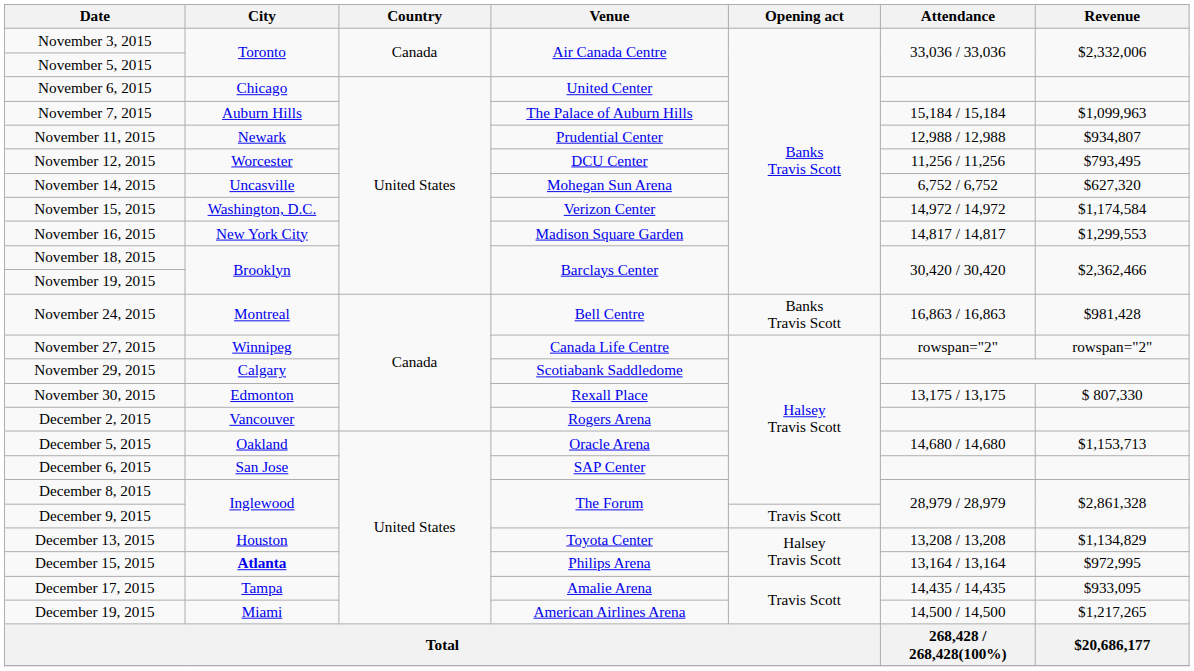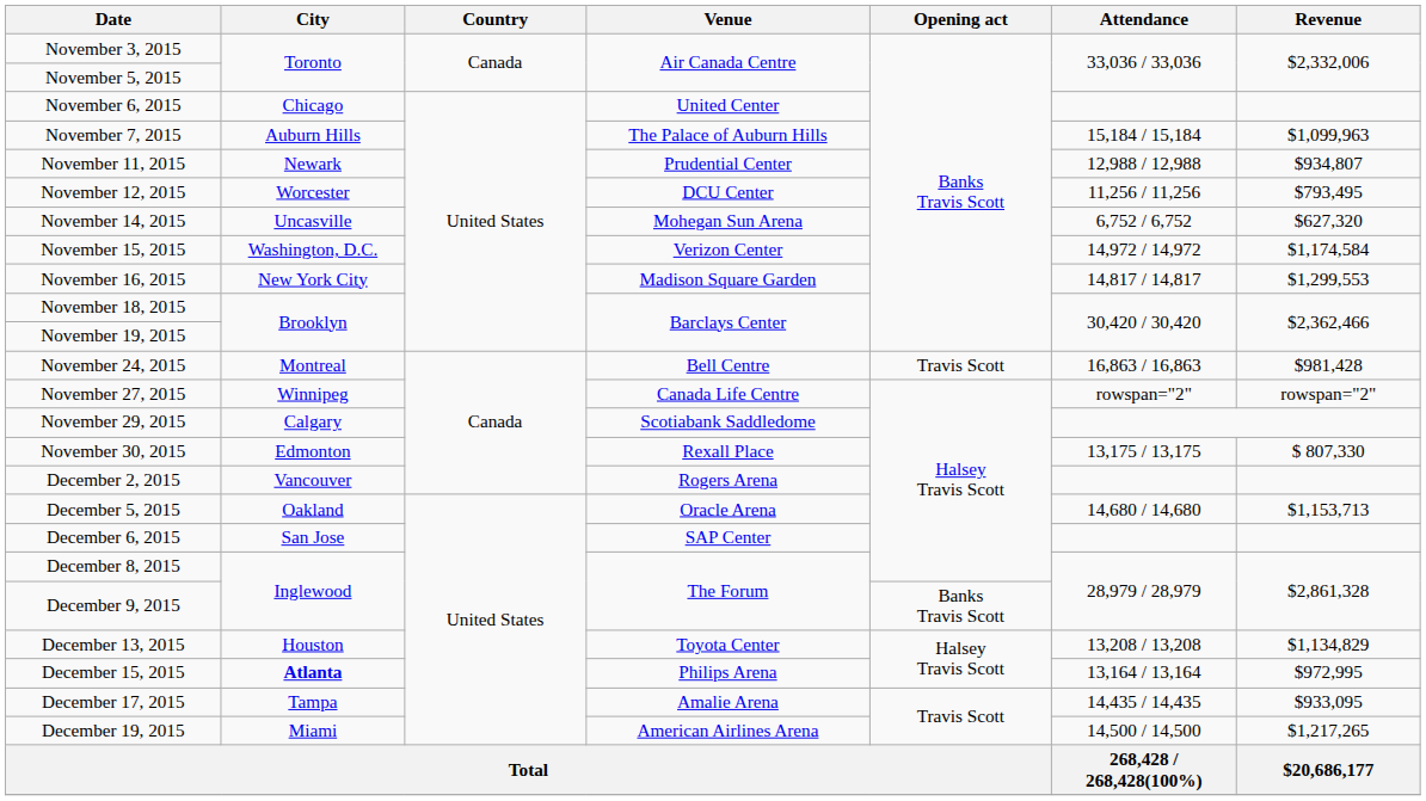 <table class="wikitable plainrowheaders" style="text-align:center;">
 <tr>
 <th scope="col" style="width:12em;">Date</th>
 <th scope="col" style="width:10em;">City</th>
 <th scope="col" style="width:10em;">Country</th>
 <th scope="col" style="width:16em;">Venue</th>
 <th scope="col" style="width:10em;">Opening act</th>
 <th scope="col" style="width:10em;">Attendance</th>
 <th scope="col" style="width:10em;">Revenue</th>
 </tr>
 <tr>
 <td>November 3, 2015</td>
 <td rowspan="2"><a href='#'>Toronto</a></td>
 <td rowspan="2">Canada</td>
 <td rowspan="2"><a href='#'>Air Canada Centre</a></td>
 <td rowspan="11"><a href='#'>Banks</a><br><a href='#'>Travis Scott</a></td>
 <td rowspan="2">33,036 / 33,036</td>
 <td rowspan="2">$2,332,006</td>
 </tr>
 <tr>
 <td>November 5, 2015</td>
 </tr>
 <tr>
 <td>November 6, 2015</td>
 <td><a href='#'>Chicago</a></td>
 <td rowspan="9">United States</td>
 <td><a href='#'>United Center</a></td>
 <td></td>
 <td></td>
 </tr>
 <tr>
 <td>November 7, 2015</td>
 <td><a href='#'>Auburn Hills</a></td>
 <td><a href='#'>The Palace of Auburn Hills</a></td>
 <td>15,184 / 15,184</td>
 <td>$1,099,963</td>
 </tr>
 <tr>
 <td>November 11, 2015</td>
 <td><a href='#'>Newark</a></td>
 <td><a href='#'>Prudential Center</a></td>
 <td>12,988 / 12,988</td>
 <td>$934,807</td>
 </tr>
 <tr>
 <td>November 12, 2015</td>
 <td><a href='#'>Worcester</a></td>
 <td><a href='#'>DCU Center</a></td>
 <td>11,256 / 11,256</td>
 <td>$793,495</td>
 </tr>
 <tr>
 <td>November 14, 2015</td>
 <td><a href='#'>Uncasville</a></td>
 <td><a href='#'>Mohegan Sun Arena</a></td>
 <td>6,752 / 6,752</td>
 <td>$627,320</td>
 </tr>
 <tr>
 <td>November 15, 2015</td>
 <td><a href='#'>Washington, D.C.</a></td>
 <td><a href='#'>Verizon Center</a></td>
 <td>14,972 / 14,972</td>
 <td>$1,174,584</td>
 </tr>
 <tr>
 <td>November 16, 2015</td>
 <td><a href='#'>New York City</a></td>
 <td><a href='#'>Madison Square Garden</a></td>
 <td>14,817 / 14,817</td>
 <td>$1,299,553</td>
 </tr>
 <tr>
 <td>November 18, 2015</td>
 <td rowspan="2"><a href='#'>Brooklyn</a></td>
 <td rowspan="2"><a href='#'>Barclays Center</a></td>
 <td rowspan="2">30,420 / 30,420</td>
 <td rowspan="2">$2,362,466</td>
 </tr>
 <tr>
 <td>November 19, 2015</td>
 </tr>
 <tr>
 <td>November 24, 2015</td>
 <td><a href='#'>Montreal</a></td>
 <td rowspan="5">Canada</td>
 <td><a href='#'>Bell Centre</a></td>
-<td>Banks<br>Travis Scott</td>
+<td>Travis Scott</td>
 <td>16,863 / 16,863</td>
 <td>$981,428</td>
 </tr>
 <tr>
 <td>November 27, 2015</td>
 <td><a href='#'>Winnipeg</a></td>
 <td><a href='#'>Canada Life Centre</a></td>
 <td rowspan="7"><a href='#'>Halsey</a><br>Travis Scott</td>
 <td>rowspan="2" </td>
 <td>rowspan="2" </td>
 </tr>
 <tr>
 <td>November 29, 2015</td>
 <td><a href='#'>Calgary</a></td>
 <td><a href='#'>Scotiabank Saddledome</a></td>
 </tr>
 <tr>
 <td>November 30, 2015</td>
 <td><a href='#'>Edmonton</a></td>
 <td><a href='#'>Rexall Place</a></td>
 <td>13,175 / 13,175</td>
 <td>$ 807,330</td>
 </tr>
 <tr>
 <td>December 2, 2015</td>
 <td><a href='#'>Vancouver</a></td>
 <td><a href='#'>Rogers Arena</a></td>
 <td></td>
 <td></td>
 </tr>
 <tr>
 <td>December 5, 2015</td>
 <td><a href='#'>Oakland</a></td>
 <td rowspan="8">United States</td>
 <td><a href='#'>Oracle Arena</a></td>
 <td>14,680 / 14,680</td>
 <td>$1,153,713</td>
 </tr>
 <tr>
 <td>December 6, 2015</td>
 <td><a href='#'>San Jose</a></td>
 <td><a href='#'>SAP Center</a></td>
 <td></td>
 <td></td>
 </tr>
 <tr>
 <td>December 8, 2015</td>
 <td rowspan="2"><a href='#'>Inglewood</a></td>
 <td rowspan="2"><a href='#'>The Forum</a></td>
 <td rowspan="2">28,979 / 28,979</td>
 <td rowspan="2">$2,861,328</td>
 </tr>
 <tr>
 <td>December 9, 2015</td>
-<td>Travis Scott</td>
+<td>Banks<br>Travis Scott</td>
 </tr>
 <tr>
 <td>December 13, 2015</td>
 <td><a href='#'>Houston</a></td>
 <td><a href='#'>Toyota Center</a></td>
 <td rowspan="2">Halsey<br>Travis Scott</td>
 <td>13,208 / 13,208</td>
 <td>$1,134,829</td>
 </tr>
 <tr>
 <td>December 15, 2015</td>
 <td><strong><a href='#'>Atlanta</a></strong></td>
 <td><a href='#'>Philips Arena</a></td>
 <td>13,164 / 13,164</td>
 <td>$972,995</td>
 </tr>
 <tr>
 <td>December 17, 2015</td>
 <td><a href='#'>Tampa</a></td>
 <td><a href='#'>Amalie Arena</a></td>
 <td rowspan="2">Travis Scott</td>
 <td>14,435 / 14,435</td>
 <td>$933,095</td>
 </tr>
 <tr>
 <td>December 19, 2015</td>
 <td><a href='#'>Miami</a></td>
 <td><a href='#'>American Airlines Arena</a></td>
 <td>14,500 / 14,500</td>
 <td>$1,217,265</td>
 </tr>
 <tr>
 <th colspan="5">Total</th>
 <th>268,428 / 268,428(100%)</th>
 <th>$20,686,177</th>
 </tr>
 <tr>
 </tr>
 </table>
